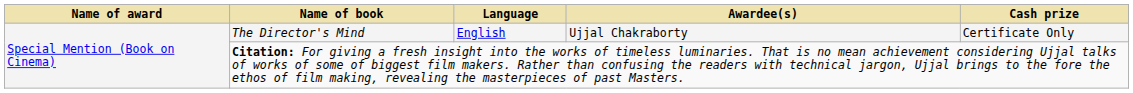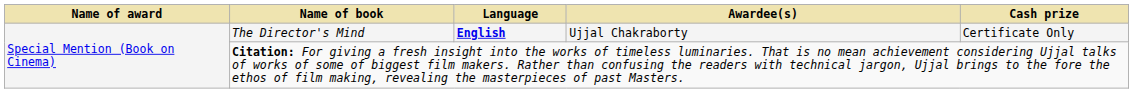 <table class="wikitable" style="width:100%;">
 <tr style="background-color:#F4F4F4">
 <th style="background-color:#EFE4B0;width:20%;">Name of award</th>
 <th style="background-color:#EFE4B0;width:20%;">Name of book</th>
 <th style="background-color:#EFE4B0;width:10%;">Language</th>
 <th style="background-color:#EFE4B0;width:35%;">Awardee(s)</th>
 <th style="background-color:#EFE4B0;width:15%;">Cash prize</th>
 </tr>
 <tr style="background-color:#F4F4F4">
 <td rowspan="2"><a href='#'>Special Mention (Book on Cinema)</a></td>
 <td><em>The Director's Mind</em></td>
-<td><a href='#'>English</a></td>
+<td><strong><a href='#'>English</a></strong></td>
 <td>Ujjal Chakraborty</td>
 <td>Certificate Only</td>
 </tr>
 <tr style="background-color:#F9F9F9">
 <td colspan="4"><strong>Citation:</strong> <em>For giving a fresh insight into the works of timeless luminaries. That is no mean achievement considering Ujjal talks of works of some of biggest film makers. Rather than confusing the readers with technical jargon, Ujjal brings to the fore the ethos of film making, revealing the masterpieces of past Masters.</em></td>
 </tr>
 </table>
